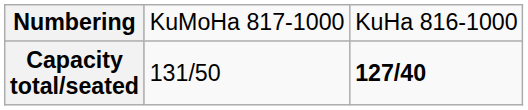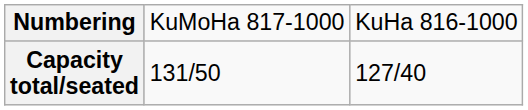 <table class="wikitable">
 <tr>
 <th>Numbering</th>
 <td>KuMoHa 817-1000</td>
 <td>KuHa 816-1000</td>
 </tr>
 <tr>
 <th>Capacity<br>total/seated</th>
 <td>131/50</td>
-<td><strong>127/40</strong></td>
+<td>127/40</td>
 </tr>
 </table>
